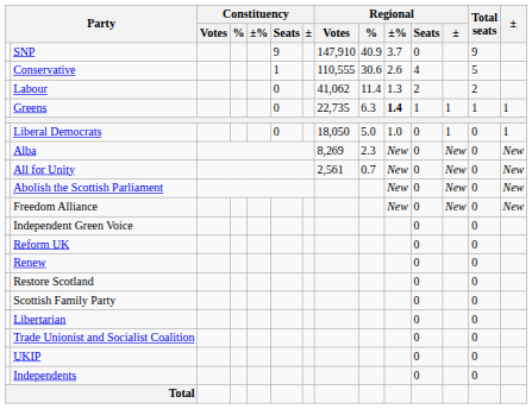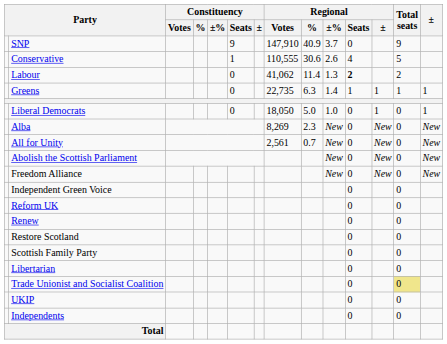 <table class="wikitable sortable">
 <tr>
 <th colspan="2" rowspan="2">Party</th>
 <th colspan="5">Constituency</th>
 <th colspan="5">Regional</th>
 <th rowspan="2">Total<br>seats</th>
 <th rowspan="2">±</th>
 </tr>
 <tr>
 <th>Votes</th>
 <th>%</th>
 <th>±%</th>
 <th>Seats</th>
 <th>±</th>
 <th>Votes</th>
 <th>%</th>
 <th>±%</th>
 <th>Seats</th>
 <th>±</th>
 </tr>
 <tr>
 <td style="color:inherit;background:"></td>
 <td><a href='#'>SNP</a></td>
 <td></td>
 <td></td>
 <td></td>
 <td>9</td>
 <td></td>
 <td>147,910</td>
 <td>40.9</td>
 <td>3.7</td>
 <td>0</td>
 <td></td>
 <td>9</td>
 <td></td>
 </tr>
 <tr>
 <td style="color:inherit;background:"></td>
 <td><a href='#'>Conservative</a></td>
 <td></td>
 <td></td>
 <td></td>
 <td>1</td>
 <td></td>
 <td>110,555</td>
 <td>30.6</td>
 <td>2.6</td>
 <td>4</td>
 <td></td>
 <td>5</td>
 <td></td>
 </tr>
 <tr>
 <td style="color:inherit;background:"></td>
 <td><a href='#'>Labour</a></td>
 <td></td>
 <td></td>
 <td></td>
 <td>0</td>
 <td></td>
 <td>41,062</td>
 <td>11.4</td>
 <td>1.3</td>
-<td>2</td>
+<td><strong>2</strong></td>
 <td></td>
 <td>2</td>
 <td></td>
 </tr>
 <tr>
 <td style="color:inherit;background:"></td>
 <td><a href='#'>Greens</a></td>
 <td></td>
 <td></td>
 <td></td>
 <td>0</td>
 <td></td>
 <td>22,735</td>
 <td>6.3</td>
-<td><strong>1.4</strong></td>
+<td>1.4</td>
 <td>1</td>
 <td>1</td>
 <td>1</td>
 <td>1</td>
 </tr>
 <tr>
 <th colspan=14></th>
 </tr>
 <tr>
 <td style="color:inherit;background:"></td>
 <td><a href='#'>Liberal Democrats</a></td>
 <td></td>
 <td></td>
 <td></td>
 <td>0</td>
 <td></td>
 <td>18,050</td>
 <td>5.0</td>
 <td>1.0</td>
 <td>0</td>
 <td>1</td>
 <td>0</td>
 <td>1</td>
 </tr>
 <tr>
 <td style="color:inherit;background:"></td>
 <td><a href='#'>Alba</a></td>
 <td colspan="5"></td>
 <td>8,269</td>
 <td>2.3</td>
 <td><em>New</em></td>
 <td>0</td>
 <td><em>New</em></td>
 <td>0</td>
 <td><em>New</em></td>
 </tr>
 <tr>
 <td style="color:inherit;background:"></td>
 <td><a href='#'>All for Unity</a></td>
 <td colspan="5"></td>
 <td>2,561</td>
 <td>0.7</td>
 <td><em>New</em></td>
 <td>0</td>
 <td><em>New</em></td>
 <td>0</td>
 <td><em>New</em></td>
 </tr>
 <tr>
 <td style="color:inherit;background:"></td>
 <td><a href='#'>Abolish the Scottish Parliament</a></td>
 <td colspan="5"></td>
 <td></td>
 <td></td>
 <td><em>New</em></td>
 <td>0</td>
 <td><em>New</em></td>
 <td>0</td>
 <td><em>New</em></td>
 </tr>
 <tr>
 <td style="color:inherit;background:"></td>
 <td>Freedom Alliance</td>
 <td></td>
 <td></td>
 <td></td>
 <td></td>
 <td></td>
 <td></td>
 <td></td>
 <td><em>New</em></td>
 <td>0</td>
 <td><em>New</em></td>
 <td>0</td>
 <td><em>New</em></td>
 </tr>
 <tr>
 <td style="color:inherit;background:"></td>
 <td>Independent Green Voice</td>
 <td></td>
 <td></td>
 <td></td>
 <td></td>
 <td></td>
 <td></td>
 <td></td>
 <td></td>
 <td>0</td>
 <td></td>
 <td>0</td>
 <td></td>
 </tr>
 <tr>
 <td style="color:inherit;background:"></td>
 <td><a href='#'>Reform UK</a></td>
 <td></td>
 <td></td>
 <td></td>
 <td></td>
 <td></td>
 <td></td>
 <td></td>
 <td></td>
 <td>0</td>
 <td></td>
 <td>0</td>
 <td></td>
 </tr>
 <tr>
 <td style="color:inherit;background:"></td>
 <td><a href='#'>Renew</a></td>
 <td></td>
 <td></td>
 <td></td>
 <td></td>
 <td></td>
 <td></td>
 <td></td>
 <td></td>
 <td>0</td>
 <td></td>
 <td>0</td>
 <td></td>
 </tr>
 <tr>
 <td style="color:inherit;background:"></td>
 <td>Restore Scotland</td>
 <td></td>
 <td></td>
 <td></td>
 <td></td>
 <td></td>
 <td></td>
 <td></td>
 <td></td>
 <td>0</td>
 <td></td>
 <td>0</td>
 <td></td>
 </tr>
 <tr>
 <td style="color:inherit;background:"></td>
 <td>Scottish Family Party</td>
 <td></td>
 <td></td>
 <td></td>
 <td></td>
 <td></td>
 <td></td>
 <td></td>
 <td></td>
 <td>0</td>
 <td></td>
 <td>0</td>
 <td></td>
 </tr>
 <tr>
 <td style="color:inherit;background:"></td>
 <td><a href='#'>Libertarian</a></td>
 <td></td>
 <td></td>
 <td></td>
 <td></td>
 <td></td>
 <td></td>
 <td></td>
 <td></td>
 <td>0</td>
 <td></td>
 <td>0</td>
 <td></td>
 </tr>
 <tr>
 <td style="color:inherit;background:"></td>
 <td><a href='#'>Trade Unionist and Socialist Coalition</a></td>
 <td></td>
 <td></td>
 <td></td>
 <td></td>
 <td></td>
 <td></td>
 <td></td>
 <td></td>
 <td>0</td>
 <td></td>
-<td>0</td>
+<td style="background: khaki;">0</td>
 <td></td>
 </tr>
 <tr>
 <td style="color:inherit;background:"></td>
 <td><a href='#'>UKIP</a></td>
 <td></td>
 <td></td>
 <td></td>
 <td></td>
 <td></td>
 <td></td>
 <td></td>
 <td></td>
 <td>0</td>
 <td></td>
 <td>0</td>
 <td></td>
 </tr>
 <tr>
 <td style="color:inherit;background:"></td>
 <td><a href='#'>Independents</a></td>
 <td></td>
 <td></td>
 <td></td>
 <td></td>
 <td></td>
 <td></td>
 <td></td>
 <td></td>
 <td>0</td>
 <td></td>
 <td>0</td>
 <td></td>
 </tr>
 <tr class="sortbottom">
 <th colspan="2" style="text-align:right;"><strong>Total</strong></th>
 <td></td>
 <td></td>
 <td></td>
 <td></td>
 <td></td>
 <td></td>
 <td></td>
 <td></td>
 <td></td>
 <td></td>
 <td></td>
 <td></td>
 </tr>
 </table>
